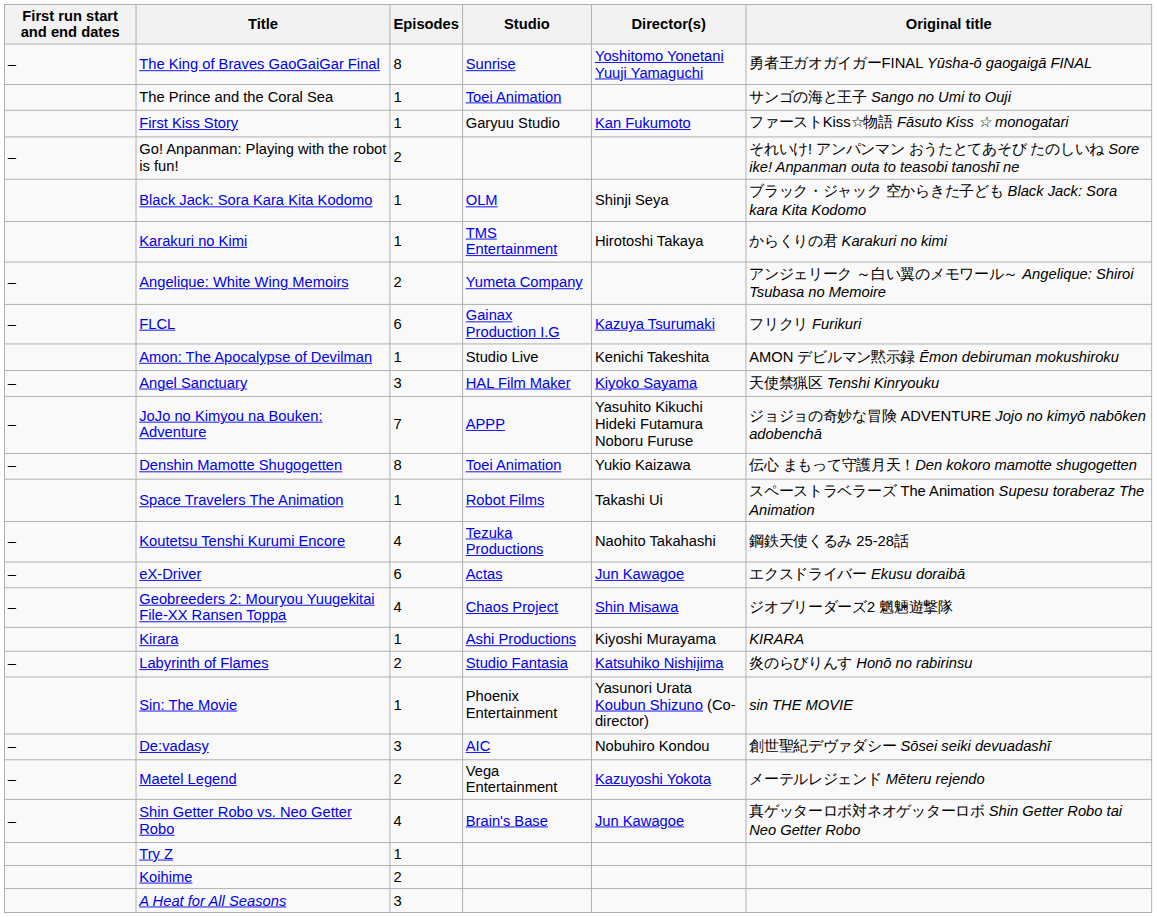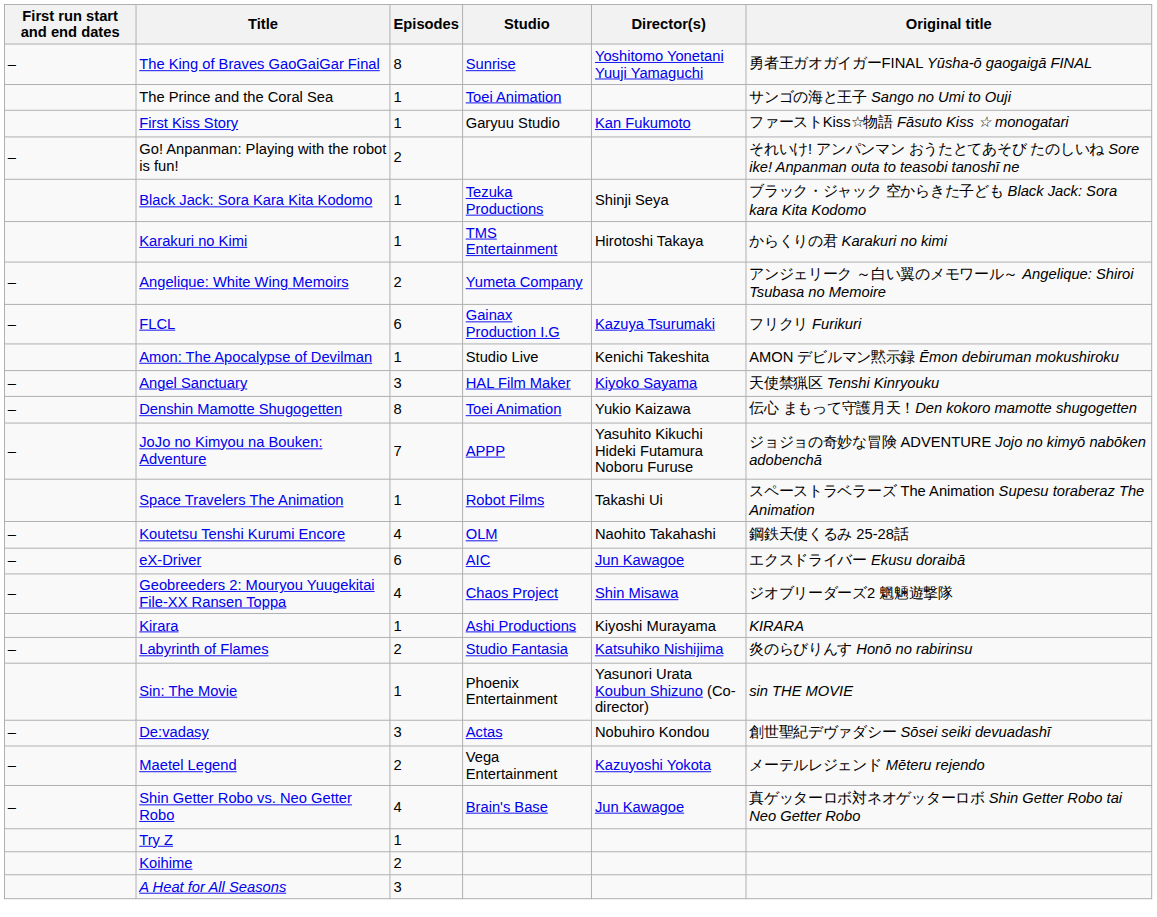 <table class="wikitable">
 <tr>
 <th>First run start and end dates</th>
 <th>Title</th>
 <th>Episodes</th>
 <th>Studio</th>
 <th>Director(s)</th>
 <th>Original title</th>
 </tr>
 <tr>
 <td> – </td>
 <td><a href='#'>The King of Braves GaoGaiGar Final</a></td>
 <td>8</td>
 <td><a href='#'>Sunrise</a></td>
 <td><a href='#'>Yoshitomo Yonetani</a><br><a href='#'>Yuuji Yamaguchi</a></td>
 <td>勇者王ガオガイガーFINAL <em>Yūsha-ō gaogaigā FINAL</em></td>
 </tr>
 <tr>
 <td></td>
 <td>The Prince and the Coral Sea</td>
 <td>1</td>
 <td><a href='#'>Toei Animation</a></td>
 <td></td>
 <td>サンゴの海と王子 <em>Sango no Umi to Ouji</em></td>
 </tr>
 <tr>
 <td></td>
 <td><a href='#'>First Kiss Story</a></td>
 <td>1</td>
 <td>Garyuu Studio</td>
 <td><a href='#'>Kan Fukumoto</a></td>
 <td>ファーストKiss☆物語 <em>Fāsuto Kiss ☆ monogatari</em></td>
 </tr>
 <tr>
 <td> – </td>
 <td>Go! Anpanman: Playing with the robot is fun!</td>
 <td>2</td>
 <td></td>
 <td></td>
 <td>それいけ! アンパンマン おうたとてあそび たのしいね <em>Sore ike! Anpanman outa to teasobi tanoshī ne</em></td>
 </tr>
 <tr>
 <td></td>
 <td><a href='#'>Black Jack: Sora Kara Kita Kodomo</a></td>
 <td>1</td>
-<td><a href='#'>OLM</a></td>
+<td><a href='#'>Tezuka Productions</a></td>
 <td>Shinji Seya</td>
 <td>ブラック・ジャック 空からきた子ども <em>Black Jack: Sora kara Kita Kodomo</em></td>
 </tr>
 <tr>
 <td></td>
 <td><a href='#'>Karakuri no Kimi</a></td>
 <td>1</td>
 <td><a href='#'>TMS Entertainment</a></td>
 <td>Hirotoshi Takaya</td>
 <td>からくりの君 <em>Karakuri no kimi</em></td>
 </tr>
 <tr>
 <td> – </td>
 <td><a href='#'>Angelique: White Wing Memoirs</a></td>
 <td>2</td>
 <td><a href='#'>Yumeta Company</a></td>
 <td></td>
 <td>アンジェリーク ～白い翼のメモワール～  <em>Angelique: Shiroi Tsubasa no Memoire</em></td>
 </tr>
 <tr>
 <td> – </td>
 <td><a href='#'>FLCL</a></td>
 <td>6</td>
 <td><a href='#'>Gainax</a><br><a href='#'>Production I.G</a></td>
 <td><a href='#'>Kazuya Tsurumaki</a></td>
 <td>フリクリ <em>Furikuri</em></td>
 </tr>
 <tr>
 <td></td>
 <td><a href='#'>Amon: The Apocalypse of Devilman</a></td>
 <td>1</td>
 <td>Studio Live</td>
 <td>Kenichi Takeshita</td>
 <td>AMON デビルマン黙示録 <em>Ēmon debiruman mokushiroku</em></td>
 </tr>
 <tr>
 <td> – </td>
 <td><a href='#'>Angel Sanctuary</a></td>
 <td>3</td>
 <td><a href='#'>HAL Film Maker</a></td>
 <td><a href='#'>Kiyoko Sayama</a></td>
 <td>天使禁猟区 <em>Tenshi Kinryouku</em></td>
 </tr>
 <tr>
 <td> – </td>
+<td><a href='#'>Denshin Mamotte Shugogetten</a></td>
+<td>8</td>
+<td><a href='#'>Toei Animation</a></td>
+<td>Yukio Kaizawa</td>
+<td>伝心 まもって守護月天！<em>Den kokoro mamotte shugogetten</em></td>
+</tr>
+<tr>
+<td> – </td>
 <td><a href='#'>JoJo no Kimyou na Bouken: Adventure</a></td>
 <td>7</td>
 <td><a href='#'>APPP</a></td>
 <td>Yasuhito Kikuchi<br>Hideki Futamura Noboru Furuse</td>
 <td>ジョジョの奇妙な冒険 ADVENTURE <em>Jojo no kimyō nabōken adobenchā</em></td>
-</tr>
-<tr>
-<td> – </td>
-<td><a href='#'>Denshin Mamotte Shugogetten</a></td>
-<td>8</td>
-<td><a href='#'>Toei Animation</a></td>
-<td>Yukio Kaizawa</td>
-<td>伝心 まもって守護月天！<em>Den kokoro mamotte shugogetten</em></td>
 </tr>
 <tr>
 <td></td>
 <td><a href='#'>Space Travelers The Animation</a></td>
 <td>1</td>
 <td><a href='#'>Robot Films</a></td>
 <td>Takashi Ui</td>
 <td>スペーストラベラーズ The Animation <em>Supesu toraberaz The Animation</em></td>
 </tr>
 <tr>
 <td> – </td>
 <td><a href='#'>Koutetsu Tenshi Kurumi Encore</a></td>
 <td>4</td>
-<td><a href='#'>Tezuka Productions</a></td>
+<td><a href='#'>OLM</a></td>
 <td>Naohito Takahashi</td>
 <td>鋼鉄天使くるみ 25-28話</td>
 </tr>
 <tr>
 <td> – </td>
 <td><a href='#'>eX-Driver</a></td>
 <td>6</td>
-<td><a href='#'>Actas</a></td>
+<td><a href='#'>AIC</a></td>
 <td><a href='#'>Jun Kawagoe</a></td>
 <td>エクスドライバー <em>Ekusu doraibā</em></td>
 </tr>
 <tr>
 <td> – </td>
 <td><a href='#'>Geobreeders 2: Mouryou Yuugekitai File-XX Ransen Toppa</a></td>
 <td>4</td>
 <td><a href='#'>Chaos Project</a></td>
 <td><a href='#'>Shin Misawa</a></td>
 <td>ジオブリーダーズ2 魍魎遊撃隊</td>
 </tr>
 <tr>
 <td></td>
 <td><a href='#'>Kirara</a></td>
 <td>1</td>
 <td><a href='#'>Ashi Productions</a></td>
 <td>Kiyoshi Murayama</td>
 <td><em>KIRARA</em></td>
 </tr>
 <tr>
 <td> – </td>
 <td><a href='#'>Labyrinth of Flames</a></td>
 <td>2</td>
 <td><a href='#'>Studio Fantasia</a></td>
 <td><a href='#'>Katsuhiko Nishijima</a></td>
 <td>炎のらびりんす <em>Honō no rabirinsu</em></td>
 </tr>
 <tr>
 <td></td>
 <td><a href='#'>Sin: The Movie</a></td>
 <td>1</td>
 <td>Phoenix Entertainment</td>
 <td>Yasunori Urata<br><a href='#'>Koubun Shizuno</a> (Co-director)</td>
 <td><em>sin THE MOVIE</em></td>
 </tr>
 <tr>
 <td> – </td>
 <td><a href='#'>De:vadasy</a></td>
 <td>3</td>
-<td><a href='#'>AIC</a></td>
+<td><a href='#'>Actas</a></td>
 <td>Nobuhiro Kondou</td>
 <td>創世聖紀デヴァダシー <em>Sōsei seiki devuadashī</em></td>
 </tr>
 <tr>
 <td> – </td>
 <td><a href='#'>Maetel Legend</a></td>
 <td>2</td>
 <td>Vega Entertainment</td>
 <td><a href='#'>Kazuyoshi Yokota</a></td>
 <td>メーテルレジェンド <em>Mēteru rejendo</em></td>
 </tr>
 <tr>
 <td> – </td>
 <td><a href='#'>Shin Getter Robo vs. Neo Getter Robo</a></td>
 <td>4</td>
 <td><a href='#'>Brain's Base</a></td>
 <td><a href='#'>Jun Kawagoe</a></td>
 <td>真ゲッターロボ対ネオゲッターロボ <em>Shin Getter Robo tai Neo Getter Robo</em></td>
 </tr>
 <tr>
 <td></td>
 <td><a href='#'>Try Z</a></td>
 <td>1</td>
 <td></td>
 <td></td>
 <td></td>
 </tr>
 <tr>
 <td></td>
 <td><a href='#'>Koihime</a></td>
 <td>2</td>
 <td></td>
 <td></td>
 <td></td>
 </tr>
 <tr>
 <td></td>
 <td><em><a href='#'>A Heat for All Seasons</a></em></td>
 <td>3</td>
 <td></td>
 <td></td>
 <td></td>
 </tr>
 </table>
